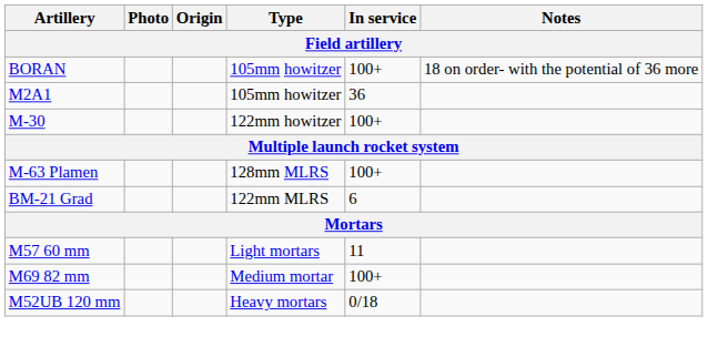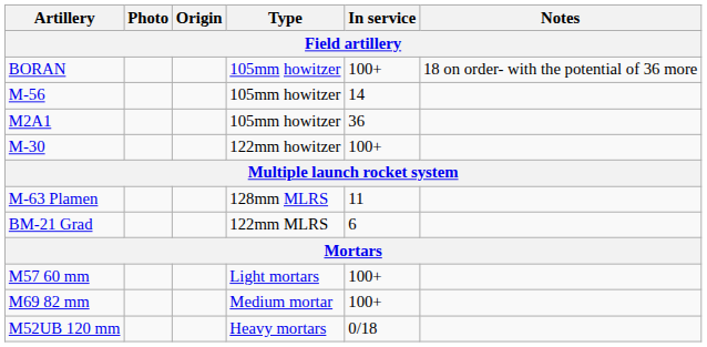 <table class="wikitable">
 <tr>
 <th>Artillery</th>
 <th>Photo</th>
 <th>Origin</th>
 <th>Type</th>
 <th>In service</th>
 <th>Notes</th>
 </tr>
 <tr>
 <th colspan="6" style="align: center;"><a href='#'>Field artillery</a></th>
 </tr>
 <tr>
 <td><a href='#'>BORAN</a></td>
 <td></td>
 <td></td>
 <td><a href='#'>105mm</a> <a href='#'>howitzer</a></td>
 <td>100+</td>
 <td>18 on order- with the potential of 36 more</td>
+</tr>
+<tr>
+<td><a href='#'>M-56</a></td>
+<td></td>
+<td></td>
+<td>105mm howitzer</td>
+<td>14</td>
+<td></td>
 </tr>
 <tr>
 <td><a href='#'>M2A1</a></td>
 <td></td>
 <td></td>
 <td>105mm howitzer</td>
 <td>36</td>
 <td></td>
 </tr>
 <tr>
 <td><a href='#'>M-30</a></td>
 <td></td>
 <td></td>
 <td>122mm howitzer</td>
 <td>100+</td>
 <td></td>
 </tr>
 <tr>
 <th colspan="6"><a href='#'>Multiple launch rocket system</a></th>
 </tr>
 <tr>
 <td><a href='#'>M-63 Plamen</a></td>
 <td></td>
 <td></td>
 <td>128mm <a href='#'>MLRS</a></td>
-<td>100+</td>
+<td>11</td>
 <td></td>
 </tr>
 <tr>
 <td><a href='#'>BM-21 Grad</a></td>
 <td></td>
 <td></td>
 <td>122mm MLRS</td>
 <td>6</td>
 <td></td>
 </tr>
 <tr>
 <th colspan="6" style="align: center;"><a href='#'>Mortars</a></th>
 </tr>
 <tr>
 <td><a href='#'>M57 60 mm</a></td>
 <td></td>
 <td></td>
 <td><a href='#'>Light mortars</a></td>
-<td>11</td>
+<td>100+</td>
 <td></td>
 </tr>
 <tr>
 <td><a href='#'>M69 82 mm</a></td>
 <td></td>
 <td></td>
 <td><a href='#'>Medium mortar</a></td>
 <td>100+</td>
 <td></td>
 </tr>
 <tr>
 <td><a href='#'>M52UB 120 mm</a></td>
 <td></td>
 <td></td>
 <td><a href='#'>Heavy mortars</a></td>
 <td>0/18</td>
 <td></td>
 </tr>
 </table>
